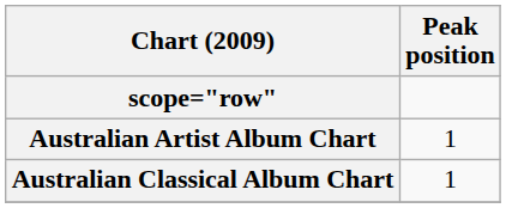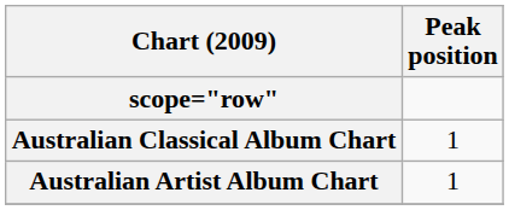 <table class="wikitable sortable plainrowheaders" style="text-align:center;">
 <tr>
 <th scope="col">Chart (2009)</th>
 <th scope="col">Peak<br>position</th>
 </tr>
 <tr>
 <th>scope="row"</th>
 </tr>
 <tr>
-<th scope="row">Australian Artist Album Chart</th>
+<th scope="row">Australian Classical Album Chart</th>
 <td>1</td>
 </tr>
 <tr>
-<th scope="row">Australian Classical Album Chart</th>
+<th scope="row">Australian Artist Album Chart</th>
 <td>1</td>
 </tr>
 <tr>
 </tr>
 </table>
